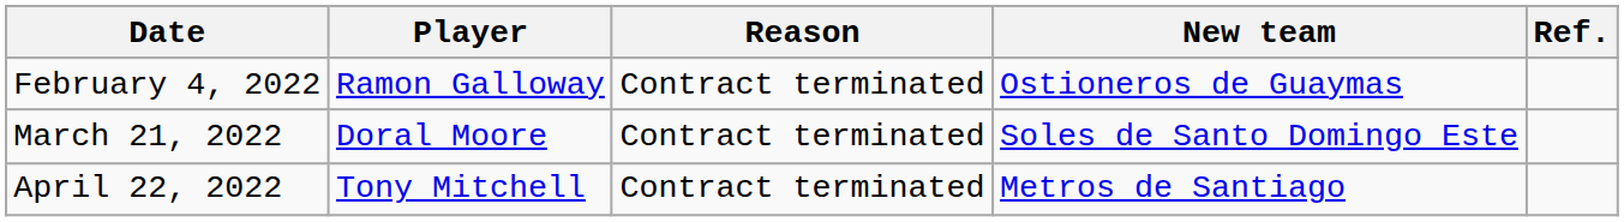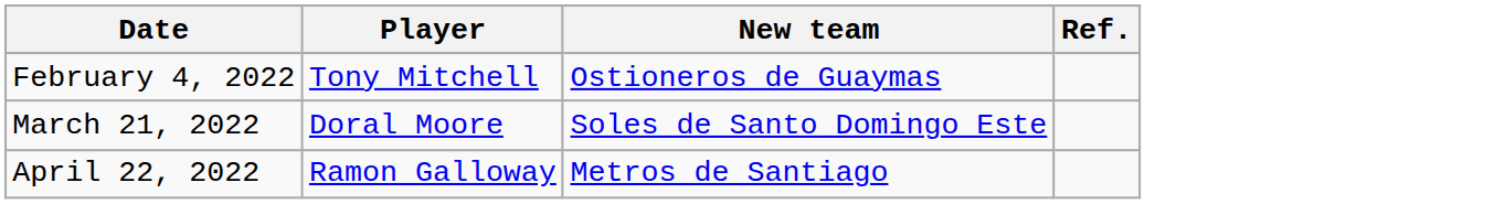 <table class="wikitable">
 <tr>
 <th>Date</th>
 <th>Player</th>
-<th>Reason</th>
 <th>New team</th>
 <th>Ref.</th>
 </tr>
 <tr>
 <td>February 4, 2022</td>
-<td><a href='#'>Ramon Galloway</a></td>
-<td>Contract terminated</td>
+<td><a href='#'>Tony Mitchell</a></td>
 <td> <a href='#'>Ostioneros de Guaymas</a></td>
 <td></td>
 </tr>
 <tr>
 <td>March 21, 2022</td>
 <td><a href='#'>Doral Moore</a></td>
-<td>Contract terminated</td>
 <td> <a href='#'>Soles de Santo Domingo Este</a></td>
 <td></td>
 </tr>
 <tr>
 <td>April 22, 2022</td>
-<td><a href='#'>Tony Mitchell</a></td>
-<td>Contract terminated</td>
+<td><a href='#'>Ramon Galloway</a></td>
 <td> <a href='#'>Metros de Santiago</a></td>
 <td></td>
 </tr>
 </table>
